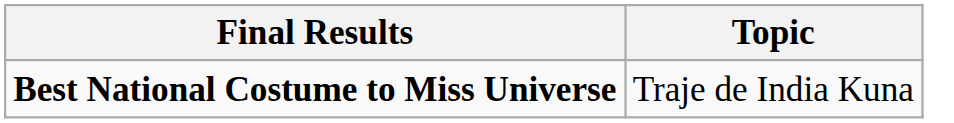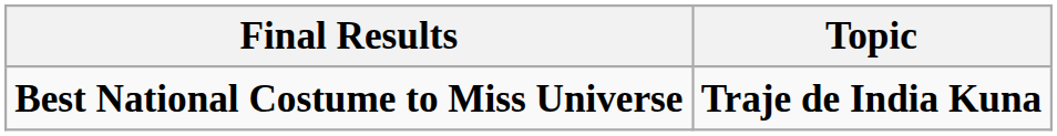 <table class="wikitable">
 <tr>
 <th>Final Results</th>
 <th>Topic</th>
 </tr>
 <tr>
 <td><strong>Best National Costume to Miss Universe</strong></td>
-<td>Traje de India Kuna</td>
+<td><strong>Traje de India Kuna</strong></td>
 </tr>
 </table>
